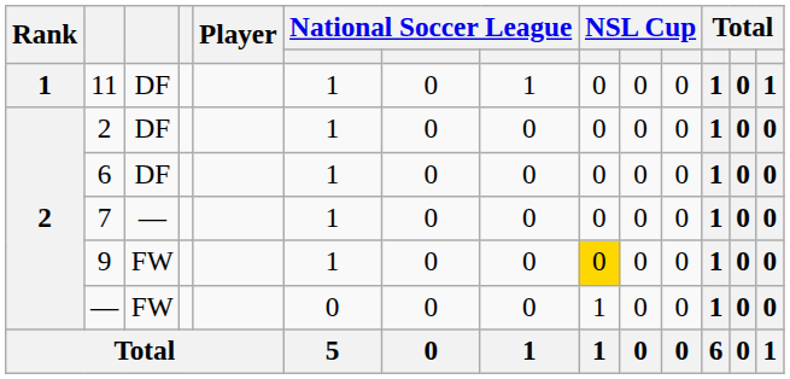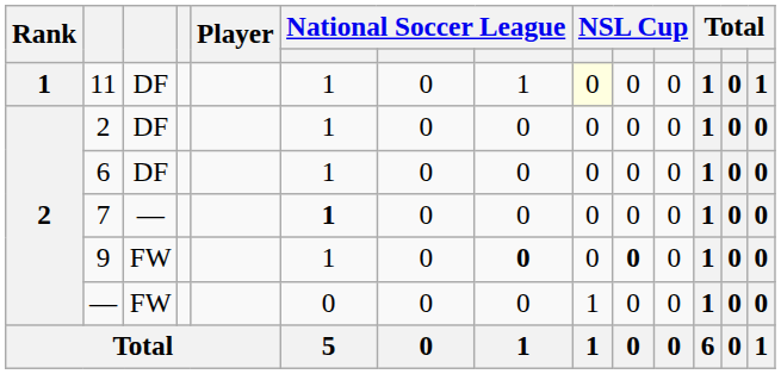 <table class="wikitable sortable" style="text-align:center">
 <tr>
 <th rowspan="2">Rank</th>
 <th rowspan="2"></th>
 <th rowspan="2"></th>
 <th rowspan="2"></th>
 <th rowspan="2">Player</th>
 <th colspan="3"><a href='#'>National Soccer League</a></th>
 <th colspan="3"><a href='#'>NSL Cup</a></th>
 <th colspan="3">Total</th>
 </tr>
 <tr>
 <th></th>
 <th></th>
 <th></th>
 <th></th>
 <th></th>
 <th></th>
 <th></th>
 <th></th>
 <th></th>
 </tr>
 <tr>
 <th>1</th>
 <td>11</td>
 <td>DF</td>
 <td></td>
 <td align="left"><br></td>
 <td>1</td>
 <td>0</td>
 <td>1<br></td>
-<td>0</td>
+<td style="background: lightyellow;">0</td>
 <td>0</td>
 <td>0<br></td>
 <th>1</th>
 <th>0</th>
 <th>1</th>
 </tr>
 <tr>
 <th rowspan="5">2</th>
 <td>2</td>
 <td>DF</td>
 <td></td>
 <td align="left"><br></td>
 <td>1</td>
 <td>0</td>
 <td>0<br></td>
 <td>0</td>
 <td>0</td>
 <td>0<br></td>
 <th>1</th>
 <th>0</th>
 <th>0</th>
 </tr>
 <tr>
 <td>6</td>
 <td>DF</td>
 <td></td>
 <td align="left"><br></td>
 <td>1</td>
 <td>0</td>
 <td>0<br></td>
 <td>0</td>
 <td>0</td>
 <td>0<br></td>
 <th>1</th>
 <th>0</th>
 <th>0</th>
 </tr>
 <tr>
 <td>7</td>
 <td>—</td>
 <td></td>
 <td align="left"><br></td>
-<td>1</td>
+<td><strong>1</strong></td>
 <td>0</td>
 <td>0<br></td>
 <td>0</td>
 <td>0</td>
 <td>0<br></td>
 <th>1</th>
 <th>0</th>
 <th>0</th>
 </tr>
 <tr>
 <td>9</td>
 <td>FW</td>
 <td></td>
 <td align="left"><br></td>
 <td>1</td>
 <td>0</td>
-<td>0<br></td>
-<td style="background: gold;">0</td>
+<td><strong>0<br></strong></td>
 <td>0</td>
+<td><strong>0</strong></td>
 <td>0<br></td>
 <th>1</th>
 <th>0</th>
 <th>0</th>
 </tr>
 <tr>
 <td>—</td>
 <td>FW</td>
 <td></td>
 <td align="left"><br></td>
 <td>0</td>
 <td>0</td>
 <td>0<br></td>
 <td>1</td>
 <td>0</td>
 <td>0<br></td>
 <th>1</th>
 <th>0</th>
 <th>0</th>
 </tr>
 <tr>
 <th colspan="5">Total<br></th>
 <th>5</th>
 <th>0</th>
 <th>1<br></th>
 <th>1</th>
 <th>0</th>
 <th>0<br></th>
 <th>6</th>
 <th>0</th>
 <th>1</th>
 </tr>
 </table>
